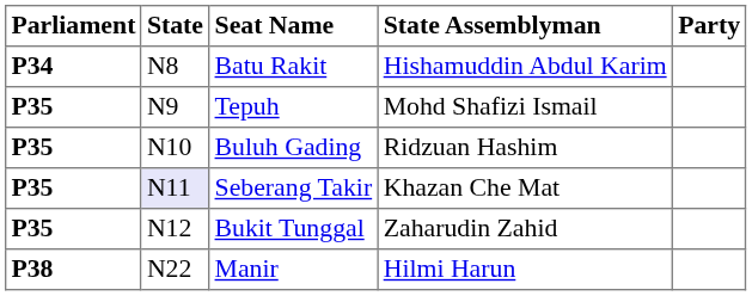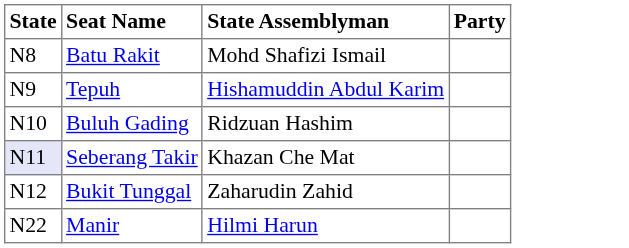 <table class="toccolours sortable" border="1" cellpadding="3" style="border-collapse:collapse; text-align: left;">
 <tr>
-<th align="center">Parliament</th>
 <th>State</th>
 <th>Seat Name</th>
 <th>State Assemblyman</th>
 <th>Party</th>
 </tr>
 <tr>
-<th align="left">P34</th>
 <td>N8</td>
 <td><a href='#'>Batu Rakit</a></td>
+<td>Mohd Shafizi Ismail</td>
+<td></td>
+</tr>
+<tr>
+<td>N9</td>
+<td><a href='#'>Tepuh</a></td>
 <td><a href='#'>Hishamuddin Abdul Karim</a></td>
 <td></td>
 </tr>
 <tr>
-<th align="left">P35</th>
-<td>N9</td>
-<td><a href='#'>Tepuh</a></td>
-<td>Mohd Shafizi Ismail</td>
-<td></td>
-</tr>
-<tr>
-<th align="left">P35</th>
 <td>N10</td>
 <td><a href='#'>Buluh Gading</a></td>
 <td>Ridzuan Hashim</td>
 <td></td>
 </tr>
 <tr>
-<th align="left">P35</th>
 <td style="background: lavender;">N11</td>
 <td><a href='#'>Seberang Takir</a></td>
 <td>Khazan Che Mat</td>
 <td></td>
 </tr>
 <tr>
-<th align="left">P35</th>
 <td>N12</td>
 <td><a href='#'>Bukit Tunggal</a></td>
 <td>Zaharudin Zahid</td>
 <td></td>
 </tr>
 <tr>
-<th align="left">P38</th>
 <td>N22</td>
 <td><a href='#'>Manir</a></td>
 <td><a href='#'>Hilmi Harun</a></td>
 <td></td>
 </tr>
 </table>
